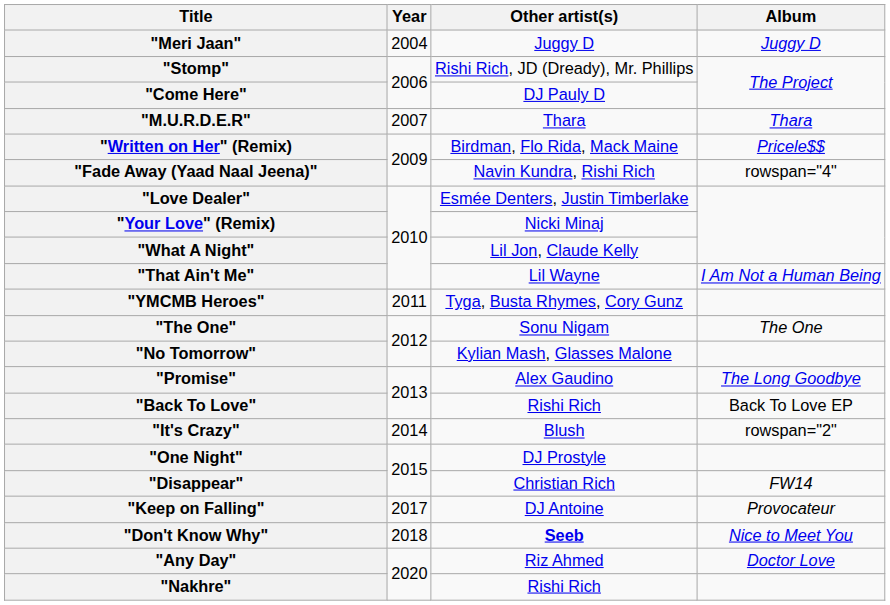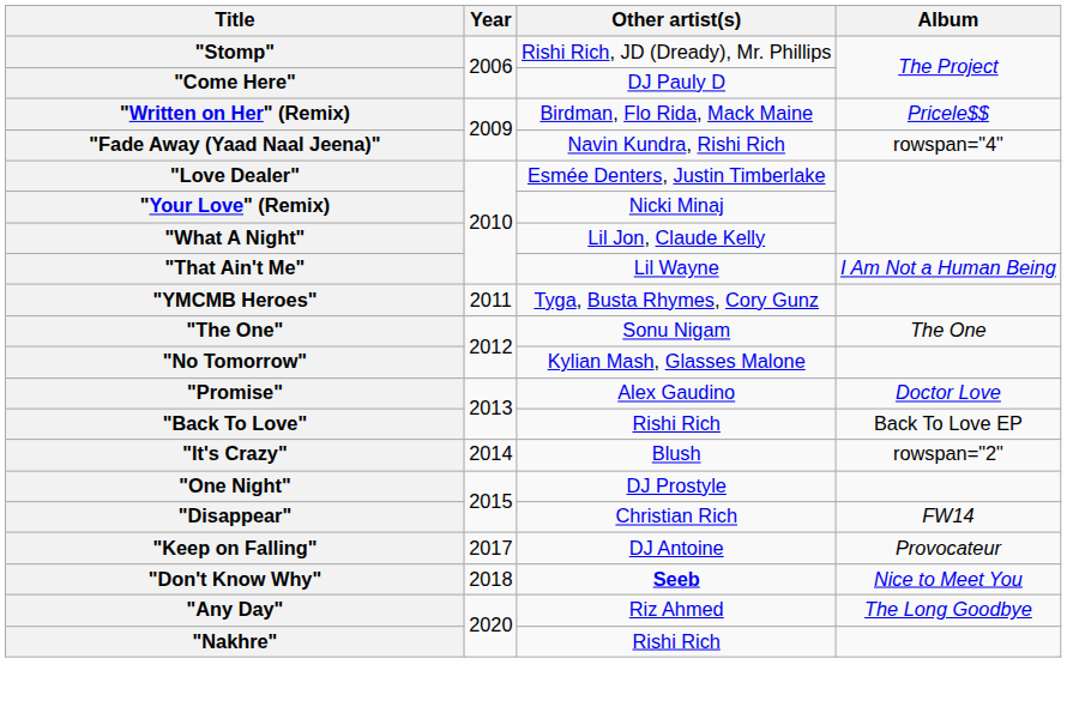 <table class="wikitable plainrowheaders" style="text-align:center;">
 <tr>
 <th scope="col" style="width:23em;">Title</th>
 <th scope="col" style="width:1em;">Year</th>
 <th scope="col">Other artist(s)</th>
 <th scope="col">Album</th>
-</tr>
-<tr>
-<th scope="row">"Meri Jaan"</th>
-<td>2004</td>
-<td><a href='#'>Juggy D</a></td>
-<td><em><a href='#'>Juggy D</a></em></td>
 </tr>
 <tr>
 <th scope="row">"Stomp"</th>
 <td rowspan="2">2006</td>
 <td><a href='#'>Rishi Rich</a>, JD (Dready), Mr. Phillips</td>
 <td rowspan="2"><em><a href='#'>The Project</a></em></td>
 </tr>
 <tr>
 <th scope="row">"Come Here"</th>
 <td><a href='#'>DJ Pauly D</a></td>
-</tr>
-<tr>
-<th scope="row">"M.U.R.D.E.R"</th>
-<td>2007</td>
-<td><a href='#'>Thara</a></td>
-<td><em><a href='#'>Thara</a></em></td>
 </tr>
 <tr>
 <th scope="row">"<a href='#'>Written on Her</a>" (Remix)</th>
 <td rowspan="2">2009</td>
 <td><a href='#'>Birdman</a>, <a href='#'>Flo Rida</a>, <a href='#'>Mack Maine</a></td>
 <td><em><a href='#'>Pricele$$</a></em></td>
 </tr>
 <tr>
 <th scope="row">"Fade Away (Yaad Naal Jeena)"</th>
 <td><a href='#'>Navin Kundra</a>, <a href='#'>Rishi Rich</a></td>
 <td>rowspan="4" </td>
 </tr>
 <tr>
 <th scope="row">"Love Dealer"</th>
 <td rowspan="4">2010</td>
 <td><a href='#'>Esmée Denters</a>, <a href='#'>Justin Timberlake</a></td>
 </tr>
 <tr>
 <th scope="row">"<a href='#'>Your Love</a>" (Remix)</th>
 <td><a href='#'>Nicki Minaj</a></td>
 </tr>
 <tr>
 <th scope="row">"What A Night"</th>
 <td><a href='#'>Lil Jon</a>, <a href='#'>Claude Kelly</a></td>
 </tr>
 <tr>
 <th scope="row">"That Ain't Me"</th>
 <td><a href='#'>Lil Wayne</a></td>
 <td><em><a href='#'>I Am Not a Human Being</a></em></td>
 </tr>
 <tr>
 <th scope="row">"YMCMB Heroes"</th>
 <td>2011</td>
 <td><a href='#'>Tyga</a>, <a href='#'>Busta Rhymes</a>, <a href='#'>Cory Gunz</a></td>
 <td></td>
 </tr>
 <tr>
 <th scope="row">"The One"</th>
 <td rowspan="2">2012</td>
 <td><a href='#'>Sonu Nigam</a></td>
 <td><em>The One</em></td>
 </tr>
 <tr>
 <th scope="row">"No Tomorrow"</th>
 <td><a href='#'>Kylian Mash</a>, <a href='#'>Glasses Malone</a></td>
 <td></td>
 </tr>
 <tr>
 <th scope="row">"Promise"</th>
 <td rowspan="2">2013</td>
 <td><a href='#'>Alex Gaudino</a></td>
-<td><em><a href='#'>The Long Goodbye</a></em></td>
+<td><em><a href='#'>Doctor Love</a></em></td>
 </tr>
 <tr>
 <th>"Back To Love"</th>
 <td><a href='#'>Rishi Rich</a></td>
 <td>Back To Love EP</td>
 </tr>
 <tr>
 <th scope="row">"It's Crazy"</th>
 <td>2014</td>
 <td><a href='#'>Blush</a></td>
 <td>rowspan="2" </td>
 </tr>
 <tr>
 <th scope="row">"One Night"</th>
 <td rowspan="2">2015</td>
 <td><a href='#'>DJ Prostyle</a></td>
 </tr>
 <tr>
 <th scope="row">"Disappear"</th>
 <td><a href='#'>Christian Rich</a></td>
 <td><em>FW14</em></td>
 </tr>
 <tr>
 <th scope="row">"Keep on Falling"</th>
 <td>2017</td>
 <td><a href='#'>DJ Antoine</a></td>
 <td><em>Provocateur</em></td>
 </tr>
 <tr>
 <th scope="row">"Don't Know Why"</th>
 <td>2018</td>
 <td><strong><a href='#'>Seeb</a></strong></td>
 <td><em><a href='#'>Nice to Meet You</a></em></td>
 </tr>
 <tr>
 <th scope="row">"Any Day"</th>
 <td rowspan="2">2020</td>
 <td><a href='#'>Riz Ahmed</a></td>
-<td><em><a href='#'>Doctor Love</a></em></td>
+<td><em><a href='#'>The Long Goodbye</a></em></td>
 </tr>
 <tr>
 <th scope="row">"Nakhre"</th>
 <td><a href='#'>Rishi Rich</a></td>
 <td></td>
 </tr>
 </table>
